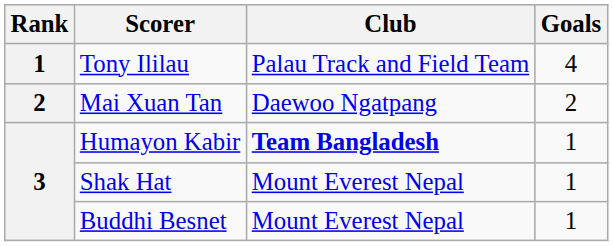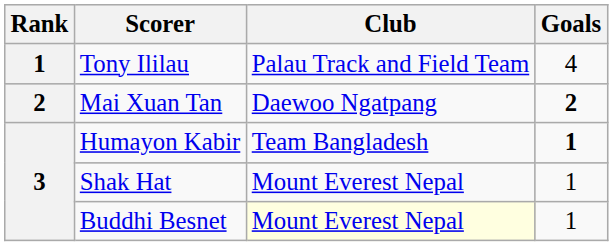 <table class="wikitable">
 <tr>
 <th>Rank</th>
 <th>Scorer</th>
 <th>Club</th>
 <th>Goals</th>
 </tr>
 <tr>
 <th>1</th>
 <td> <a href='#'>Tony Ililau</a></td>
 <td><a href='#'>Palau Track and Field Team</a></td>
 <td align=center>4</td>
 </tr>
 <tr>
 <th>2</th>
 <td> <a href='#'>Mai Xuan Tan</a></td>
 <td><a href='#'>Daewoo Ngatpang</a></td>
-<td align=center>2</td>
+<td align=center><strong>2</strong></td>
 </tr>
 <tr>
 <th rowspan=3>3</th>
 <td> <a href='#'>Humayon Kabir</a></td>
-<td><strong><a href='#'>Team Bangladesh</a></strong></td>
-<td align=center>1</td>
+<td><a href='#'>Team Bangladesh</a></td>
+<td align=center><strong>1</strong></td>
 </tr>
 <tr>
 <td> <a href='#'>Shak Hat</a></td>
 <td><a href='#'>Mount Everest Nepal</a></td>
 <td align=center>1</td>
 </tr>
 <tr>
 <td> <a href='#'>Buddhi Besnet</a></td>
-<td><a href='#'>Mount Everest Nepal</a></td>
+<td style="background: lightyellow;"><a href='#'>Mount Everest Nepal</a></td>
 <td align=center>1</td>
 </tr>
 </table>
